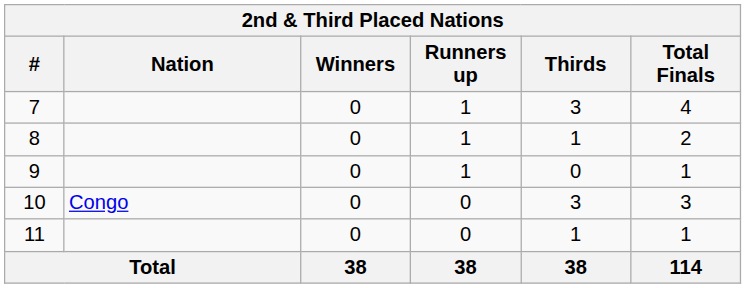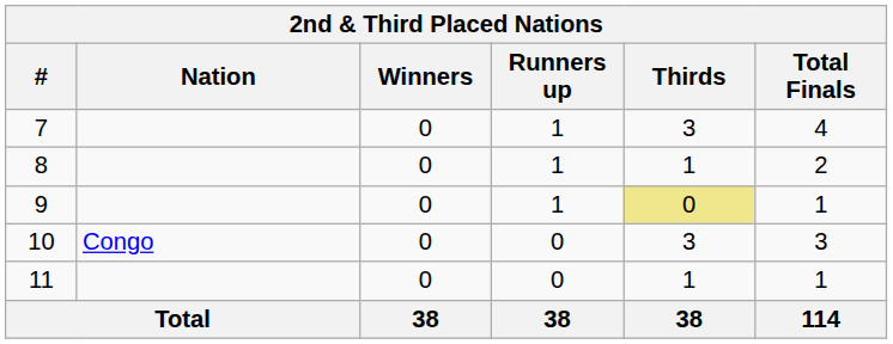 <table class="wikitable collapsible ">
 <tr>
 <th colspan=6>2nd & Third Placed Nations</th>
 </tr>
 <tr>
 <th width=40>#</th>
 <th width=180>Nation</th>
 <th width=80>Winners</th>
 <th width=80>Runners up</th>
 <th width=80>Thirds</th>
 <th width=80>Total Finals</th>
 </tr>
 <tr>
 <td align=center>7</td>
 <td></td>
 <td align=center>0</td>
 <td align=center>1</td>
 <td align=center>3</td>
 <td align=center>4</td>
 </tr>
 <tr>
 <td align=center>8</td>
 <td></td>
 <td align=center>0</td>
 <td align=center>1</td>
 <td align=center>1</td>
 <td align=center>2</td>
 </tr>
 <tr>
 <td align=center>9</td>
 <td></td>
 <td align=center>0</td>
 <td align=center>1</td>
-<td align=center>0</td>
+<td align=center style="background: khaki;">0</td>
 <td align=center>1</td>
 </tr>
 <tr>
 <td align=center>10</td>
 <td> <a href='#'>Congo</a></td>
 <td align=center>0</td>
 <td align=center>0</td>
 <td align=center>3</td>
 <td align=center>3</td>
 </tr>
 <tr>
 <td align=center>11</td>
 <td></td>
 <td align=center>0</td>
 <td align=center>0</td>
 <td align=center>1</td>
 <td align=center>1</td>
 </tr>
 <tr>
 <th colspan=2>Total</th>
 <th>38</th>
 <th>38</th>
 <th>38</th>
 <th>114</th>
 </tr>
 </table>
